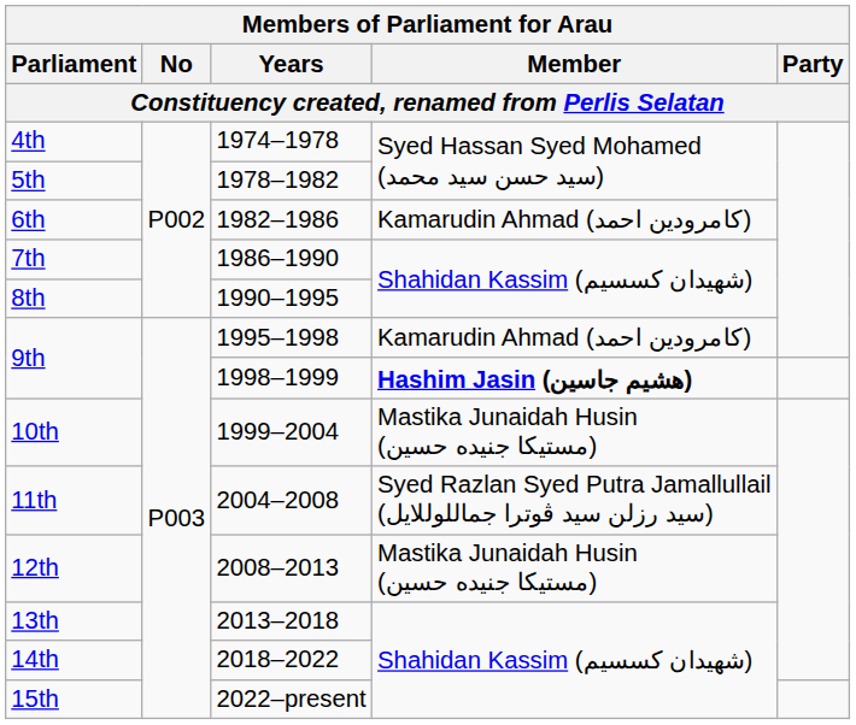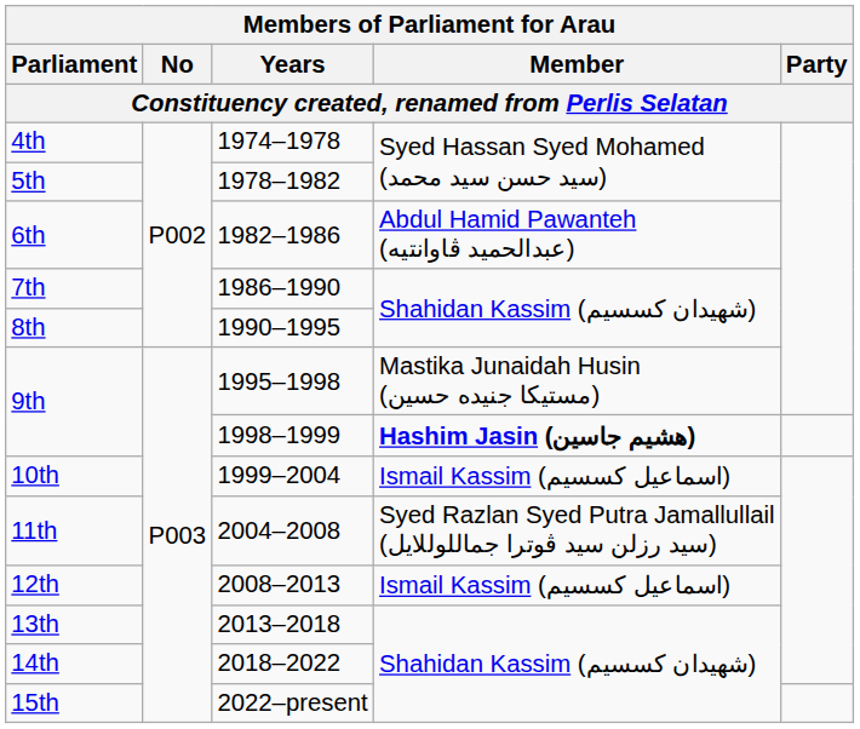 <table class=wikitable>
 <tr>
 <th colspan="5">Members of Parliament for Arau</th>
 </tr>
 <tr>
 <th>Parliament</th>
 <th>No</th>
 <th>Years</th>
 <th>Member</th>
 <th>Party</th>
 </tr>
 <tr>
 <th colspan="5" align="center"><em>Constituency created, renamed from <a href='#'>Perlis Selatan</a></em></th>
 </tr>
 <tr>
 <td><a href='#'>4th</a></td>
 <td rowspan="5">P002</td>
 <td>1974–1978</td>
 <td rowspan=2>Syed Hassan Syed Mohamed <br>  (سيد حسن سيد محمد)</td>
 <td rowspan="6"></td>
 </tr>
 <tr>
 <td><a href='#'>5th</a></td>
 <td>1978–1982</td>
 </tr>
 <tr>
 <td><a href='#'>6th</a></td>
 <td>1982–1986</td>
-<td>Kamarudin Ahmad (كامرودين احمد)</td>
+<td><a href='#'>Abdul Hamid Pawanteh</a> <br>  (عبدالحميد ڤاوانتيه)</td>
 </tr>
 <tr>
 <td><a href='#'>7th</a></td>
 <td>1986–1990</td>
 <td rowspan=2><a href='#'>Shahidan Kassim</a> (شهيدان كسسيم)</td>
 </tr>
 <tr>
 <td><a href='#'>8th</a></td>
 <td>1990–1995</td>
 </tr>
 <tr>
 <td rowspan=2><a href='#'>9th</a></td>
 <td rowspan="8">P003</td>
 <td>1995–1998</td>
-<td>Kamarudin Ahmad (كامرودين احمد)</td>
+<td>Mastika Junaidah Husin <br>  (مستيكا جنيده حسين)</td>
 </tr>
 <tr>
 <td>1998–1999</td>
 <td><strong><a href='#'>Hashim Jasin</a> (هشيم جاسين)</strong></td>
 <td></td>
 </tr>
 <tr>
 <td><a href='#'>10th</a></td>
 <td>1999–2004</td>
-<td>Mastika Junaidah Husin <br>  (مستيكا جنيده حسين)</td>
+<td><a href='#'>Ismail Kassim</a> (اسماعيل كسسيم)</td>
 <td rowspan="5"></td>
 </tr>
 <tr>
 <td><a href='#'>11th</a></td>
 <td>2004–2008</td>
 <td>Syed Razlan Syed Putra Jamallullail <br>  (سيد رزلن سيد ڤوترا جماللوللايل)</td>
 </tr>
 <tr>
 <td><a href='#'>12th</a></td>
 <td>2008–2013</td>
-<td>Mastika Junaidah Husin <br>  (مستيكا جنيده حسين)</td>
+<td><a href='#'>Ismail Kassim</a> (اسماعيل كسسيم)</td>
 </tr>
 <tr>
 <td><a href='#'>13th</a></td>
 <td>2013–2018</td>
 <td rowspan="3"><a href='#'>Shahidan Kassim</a> (شهيدان كسسيم)</td>
 </tr>
 <tr>
 <td><a href='#'>14th</a></td>
 <td>2018–2022</td>
 </tr>
 <tr>
 <td><a href='#'>15th</a></td>
 <td>2022–present</td>
 <td></td>
 </tr>
 </table>
